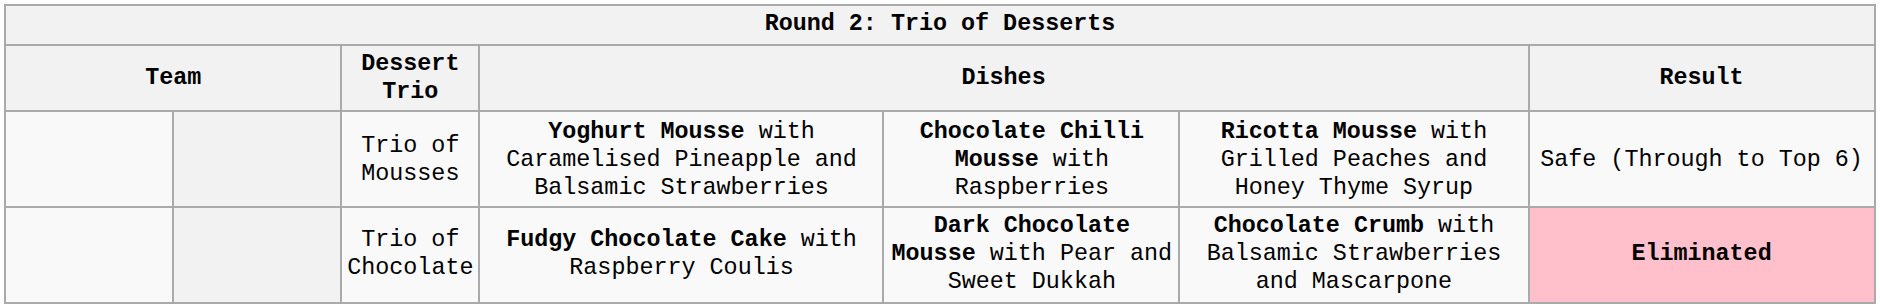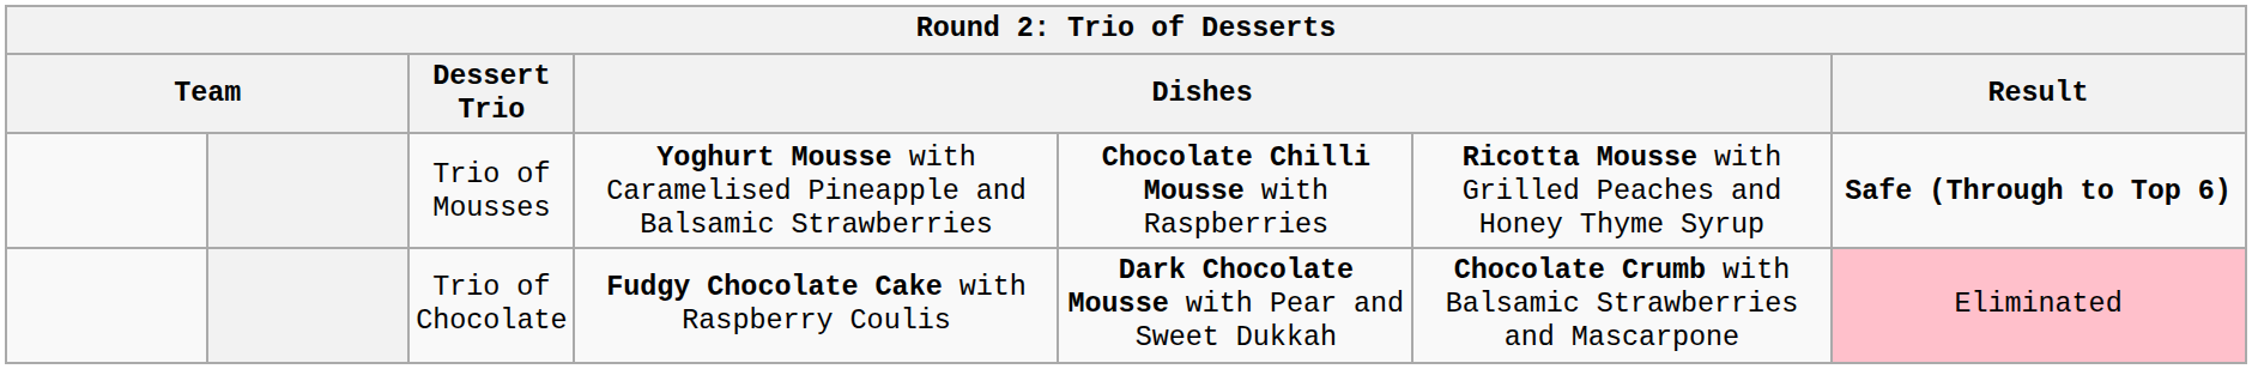 <table class="wikitable plainrowheaders" style="margin:1em auto; text-align:center; font-size:90%; width:80em;">
 <tr>
 <th colspan="7" >Round 2: Trio of Desserts</th>
 </tr>
 <tr>
 <th style="width:20%;" colspan="2">Team</th>
 <th>Dessert Trio</th>
 <th colspan="3"; style="width:60%;">Dishes</th>
 <th style="width:20%;">Result</th>
 </tr>
 <tr>
 <td></td>
 <th></th>
 <td>Trio of Mousses</td>
 <td><strong>Yoghurt Mousse</strong> with Caramelised Pineapple and Balsamic Strawberries</td>
 <td><strong>Chocolate Chilli Mousse</strong> with Raspberries</td>
 <td><strong>Ricotta Mousse</strong> with Grilled Peaches and Honey Thyme Syrup</td>
-<td>Safe (Through to Top 6)</td>
+<td><strong>Safe (Through to Top 6)</strong></td>
 </tr>
 <tr>
 <td></td>
 <th></th>
 <td>Trio of Chocolate</td>
 <td><strong>Fudgy Chocolate Cake</strong> with Raspberry Coulis</td>
 <td><strong>Dark Chocolate Mousse</strong> with Pear and Sweet Dukkah</td>
 <td><strong>Chocolate Crumb</strong> with Balsamic Strawberries and Mascarpone</td>
-<td bgcolor="pink"><strong>Eliminated</strong></td>
+<td bgcolor="pink">Eliminated</td>
 </tr>
 </table>
